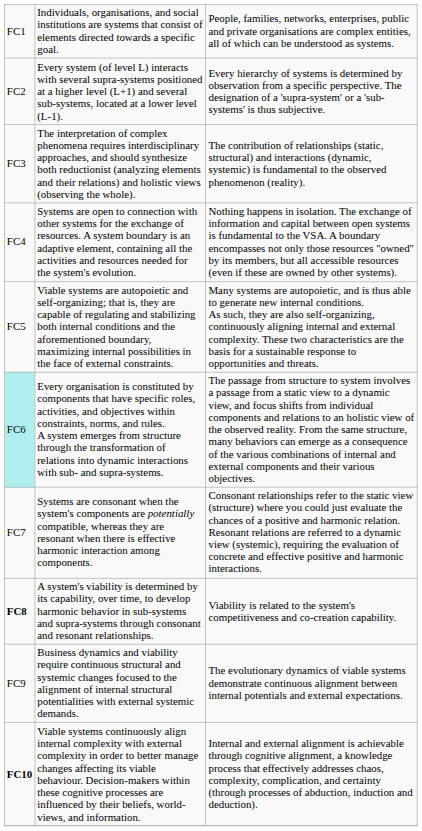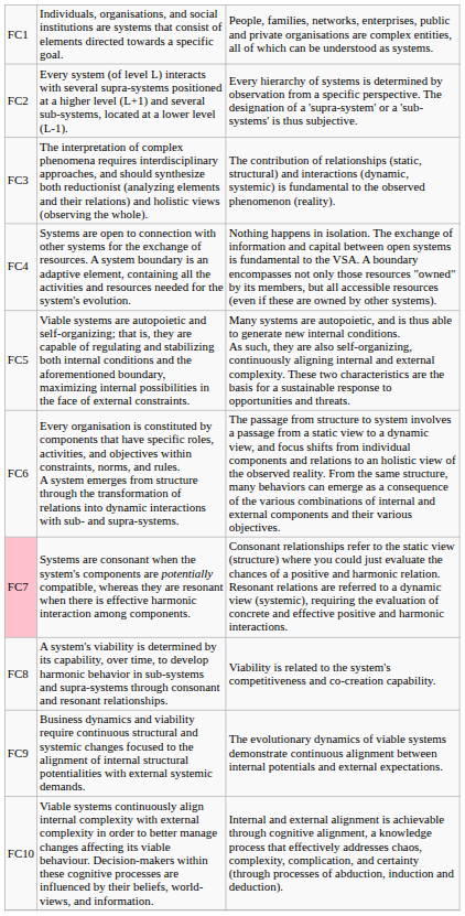 <table class="wikitable">
 <tr>
 <td>FC1</td>
 <td>Individuals, organisations, and social institutions are systems that consist of elements directed towards a specific goal.</td>
 <td>People, families, networks, enterprises, public and private organisations are complex entities, all of which can be understood as systems.</td>
 </tr>
 <tr>
 <td>FC2</td>
 <td>Every system (of level L) interacts with several supra-systems positioned at a higher level (L+1) and several sub-systems, located at a lower level (L-1).</td>
 <td>Every hierarchy of systems is determined by observation from a specific perspective. The designation of a 'supra-system' or a 'sub-systems' is thus subjective.</td>
 </tr>
 <tr>
 <td>FC3</td>
 <td>The interpretation of complex phenomena requires interdisciplinary approaches, and should synthesize both reductionist (analyzing elements and their relations) and holistic views (observing the whole).</td>
 <td>The contribution of relationships (static, structural) and interactions (dynamic, systemic) is fundamental to the observed phenomenon (reality).</td>
 </tr>
 <tr>
 <td>FC4</td>
 <td>Systems are open to connection with other systems for the exchange of resources. A system boundary is an adaptive element, containing all the activities and resources needed for the system's evolution.</td>
 <td>Nothing happens in isolation. The exchange of information and capital between open systems is fundamental to the VSA. A boundary encompasses not only those resources "owned" by its members, but all accessible resources (even if these are owned by other systems).</td>
 </tr>
 <tr>
 <td>FC5</td>
 <td>Viable systems are autopoietic and self-organizing; that is, they are capable of regulating and stabilizing both internal conditions and the aforementioned boundary, maximizing internal possibilities in the face of external constraints.</td>
 <td>Many systems are autopoietic, and is thus able to generate new internal conditions.<br>As such, they are also self-organizing, continuously aligning internal and external complexity. These two characteristics are the basis for a sustainable response to opportunities and threats.</td>
 </tr>
 <tr>
-<td style="background: paleturquoise;">FC6</td>
+<td>FC6</td>
 <td>Every organisation is constituted by components that have specific roles, activities, and objectives within constraints, norms, and rules.<br>A system emerges from structure through the transformation of relations into dynamic interactions with sub- and supra-systems.</td>
 <td>The passage from structure to system involves a passage from a static view to a dynamic view, and focus shifts from individual components and relations to an holistic view of the observed reality. From the same structure, many behaviors can emerge as a consequence of the various combinations of internal and external components and their various objectives.</td>
 </tr>
 <tr>
-<td>FC7</td>
+<td style="background: pink;">FC7</td>
 <td>Systems are consonant when the system's components are <em>potentially</em> compatible, whereas they are resonant when there is effective harmonic interaction among components.</td>
 <td>Consonant relationships refer to the static view (structure) where you could just evaluate the chances of a positive and harmonic relation.<br>Resonant relations are referred to a dynamic view (systemic), requiring the evaluation of concrete and effective positive and harmonic interactions.</td>
 </tr>
 <tr>
-<td><strong>FC8</strong></td>
+<td>FC8</td>
 <td>A system's viability is determined by its capability, over time, to develop harmonic behavior in sub-systems and supra-systems through consonant and resonant relationships.</td>
 <td>Viability is related to the system's competitiveness and co-creation capability.</td>
 </tr>
 <tr>
 <td>FC9</td>
 <td>Business dynamics and viability require continuous structural and systemic changes focused to the alignment of internal structural potentialities with external systemic demands.</td>
 <td>The evolutionary dynamics of viable systems demonstrate continuous alignment between internal potentials and external expectations.</td>
 </tr>
 <tr>
-<td><strong>FC10</strong></td>
+<td>FC10</td>
 <td>Viable systems continuously align internal complexity with external complexity in order to better manage changes affecting its viable behaviour. Decision-makers within these cognitive processes are influenced by their beliefs, world-views, and information.</td>
 <td>Internal and external alignment is achievable through cognitive alignment, a knowledge process that effectively addresses chaos, complexity, complication, and certainty (through processes of abduction, induction and deduction).</td>
 </tr>
 <tr>
 </tr>
 </table>
